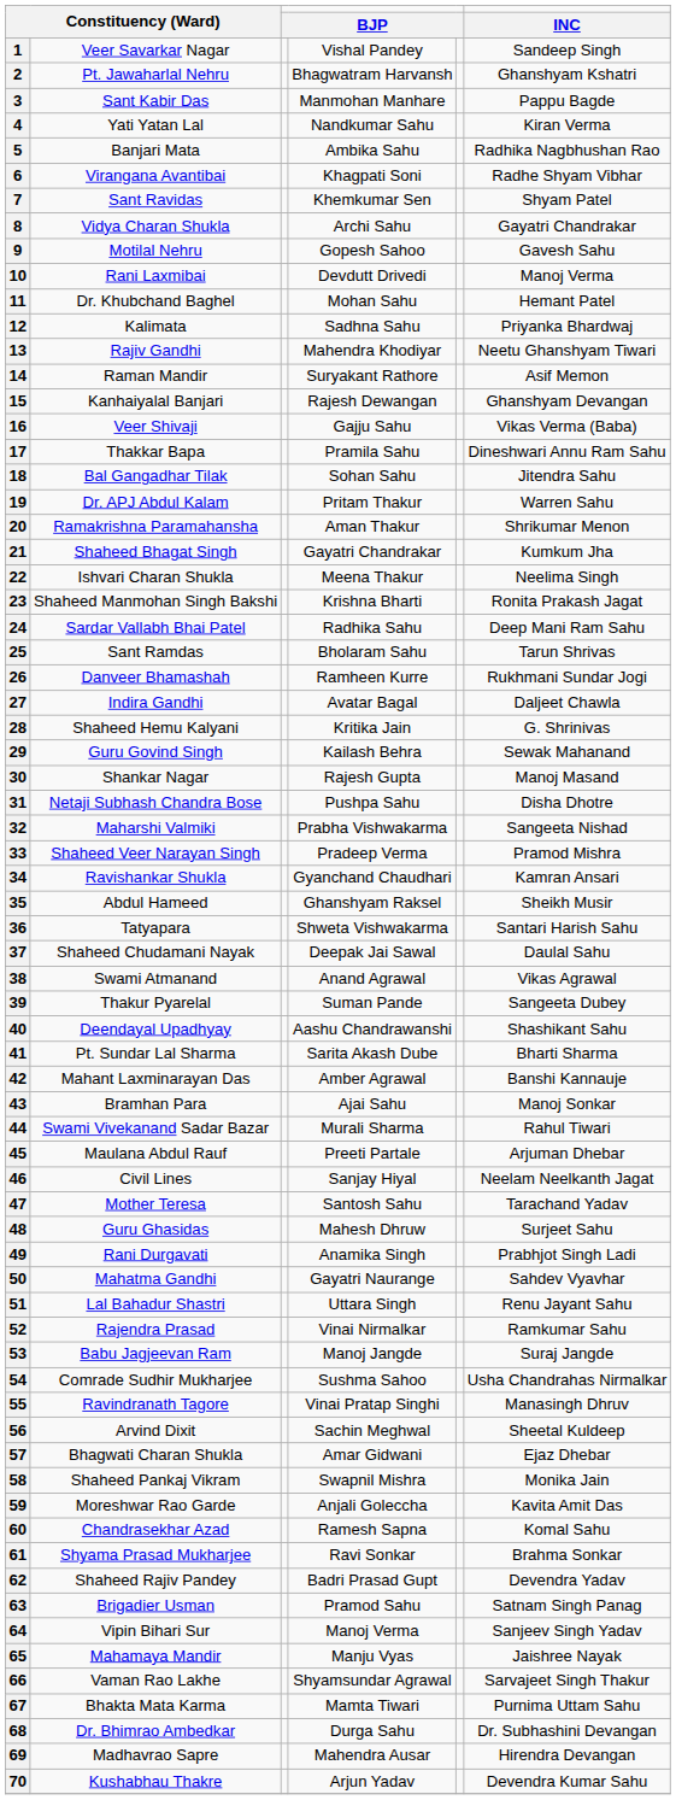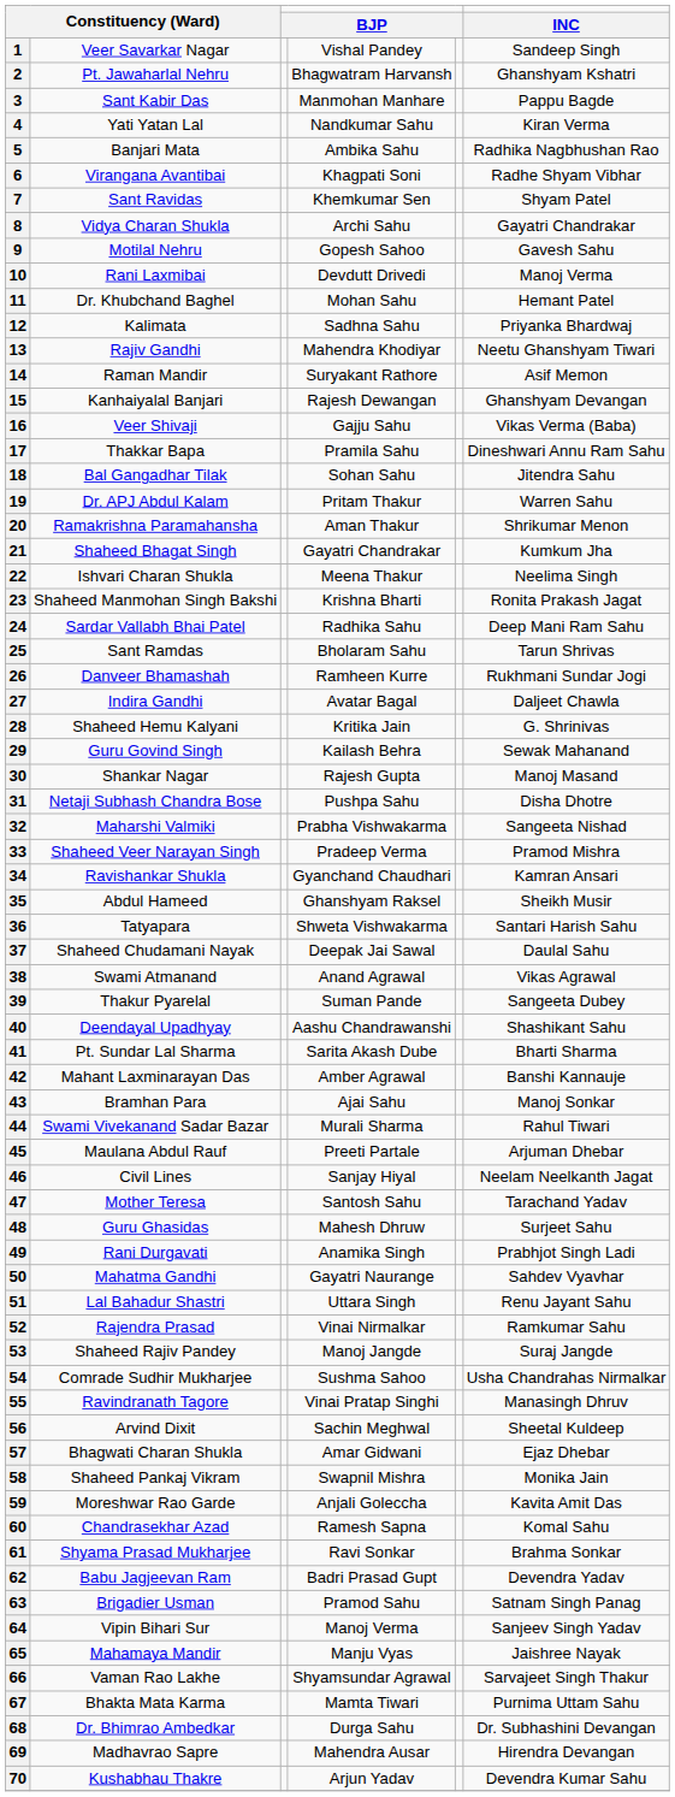 <table class="wikitable sortable" style="text-align:center;">
 <tr>
 <th colspan="2" rowspan="2">Constituency (Ward)</th>
 <td colspan="3"></td>
 <td colspan="3"></td>
 </tr>
 <tr>
 <th colspan="3" class="wikitable"><a href='#'>BJP</a></th>
 <th colspan="3" class="wikitable"><a href='#'>INC</a></th>
 </tr>
 <tr>
 <th>1</th>
 <td><a href='#'>Veer Savarkar</a> Nagar</td>
 <td></td>
 <td>Vishal Pandey</td>
 <td></td>
 <td>Sandeep Singh</td>
 </tr>
 <tr>
 <th>2</th>
 <td><a href='#'>Pt. Jawaharlal Nehru</a></td>
 <td></td>
 <td>Bhagwatram Harvansh</td>
 <td></td>
 <td>Ghanshyam Kshatri</td>
 </tr>
 <tr>
 <th>3</th>
 <td><a href='#'>Sant Kabir Das</a></td>
 <td></td>
 <td>Manmohan Manhare</td>
 <td></td>
 <td>Pappu Bagde</td>
 </tr>
 <tr>
 <th>4</th>
 <td>Yati Yatan Lal</td>
 <td></td>
 <td>Nandkumar Sahu</td>
 <td></td>
 <td>Kiran Verma</td>
 </tr>
 <tr>
 <th>5</th>
 <td>Banjari Mata</td>
 <td></td>
 <td>Ambika Sahu</td>
 <td></td>
 <td>Radhika Nagbhushan Rao</td>
 </tr>
 <tr>
 <th>6</th>
 <td><a href='#'>Virangana Avantibai</a></td>
 <td></td>
 <td>Khagpati Soni</td>
 <td></td>
 <td>Radhe Shyam Vibhar</td>
 </tr>
 <tr>
 <th>7</th>
 <td><a href='#'>Sant Ravidas</a></td>
 <td></td>
 <td>Khemkumar Sen</td>
 <td></td>
 <td>Shyam Patel</td>
 </tr>
 <tr>
 <th>8</th>
 <td><a href='#'>Vidya Charan Shukla</a></td>
 <td></td>
 <td>Archi Sahu</td>
 <td></td>
 <td>Gayatri Chandrakar</td>
 </tr>
 <tr>
 <th>9</th>
 <td><a href='#'>Motilal Nehru</a></td>
 <td></td>
 <td>Gopesh Sahoo</td>
 <td></td>
 <td>Gavesh Sahu</td>
 </tr>
 <tr>
 <th>10</th>
 <td><a href='#'>Rani Laxmibai</a></td>
 <td></td>
 <td>Devdutt Drivedi</td>
 <td></td>
 <td>Manoj Verma</td>
 </tr>
 <tr>
 <th>11</th>
 <td>Dr. Khubchand Baghel</td>
 <td></td>
 <td>Mohan Sahu</td>
 <td></td>
 <td>Hemant Patel</td>
 </tr>
 <tr>
 <th>12</th>
 <td>Kalimata</td>
 <td></td>
 <td>Sadhna Sahu</td>
 <td></td>
 <td>Priyanka Bhardwaj</td>
 </tr>
 <tr>
 <th>13</th>
 <td><a href='#'>Rajiv Gandhi</a></td>
 <td></td>
 <td>Mahendra Khodiyar</td>
 <td></td>
 <td>Neetu Ghanshyam Tiwari</td>
 </tr>
 <tr>
 <th>14</th>
 <td>Raman Mandir</td>
 <td></td>
 <td>Suryakant Rathore</td>
 <td></td>
 <td>Asif Memon</td>
 </tr>
 <tr>
 <th>15</th>
 <td>Kanhaiyalal Banjari</td>
 <td></td>
 <td>Rajesh Dewangan</td>
 <td></td>
 <td>Ghanshyam Devangan</td>
 </tr>
 <tr>
 <th>16</th>
 <td><a href='#'>Veer Shivaji</a></td>
 <td></td>
 <td>Gajju Sahu</td>
 <td></td>
 <td>Vikas Verma (Baba)</td>
 </tr>
 <tr>
 <th>17</th>
 <td>Thakkar Bapa</td>
 <td></td>
 <td>Pramila Sahu</td>
 <td></td>
 <td>Dineshwari Annu Ram Sahu</td>
 </tr>
 <tr>
 <th>18</th>
 <td><a href='#'>Bal Gangadhar Tilak</a></td>
 <td></td>
 <td>Sohan Sahu</td>
 <td></td>
 <td>Jitendra Sahu</td>
 </tr>
 <tr>
 <th>19</th>
 <td><a href='#'>Dr. APJ Abdul Kalam</a></td>
 <td></td>
 <td>Pritam Thakur</td>
 <td></td>
 <td>Warren Sahu</td>
 </tr>
 <tr>
 <th>20</th>
 <td><a href='#'>Ramakrishna Paramahansha</a></td>
 <td></td>
 <td>Aman Thakur</td>
 <td></td>
 <td>Shrikumar Menon</td>
 </tr>
 <tr>
 <th>21</th>
 <td><a href='#'>Shaheed Bhagat Singh</a></td>
 <td></td>
 <td>Gayatri Chandrakar</td>
 <td></td>
 <td>Kumkum Jha</td>
 </tr>
 <tr>
 <th>22</th>
 <td>Ishvari Charan Shukla</td>
 <td></td>
 <td>Meena Thakur</td>
 <td></td>
 <td>Neelima Singh</td>
 </tr>
 <tr>
 <th>23</th>
 <td>Shaheed Manmohan Singh Bakshi</td>
 <td></td>
 <td>Krishna Bharti</td>
 <td></td>
 <td>Ronita Prakash Jagat</td>
 </tr>
 <tr>
 <th>24</th>
 <td><a href='#'>Sardar Vallabh Bhai Patel</a></td>
 <td></td>
 <td>Radhika Sahu</td>
 <td></td>
 <td>Deep Mani Ram Sahu</td>
 </tr>
 <tr>
 <th>25</th>
 <td>Sant Ramdas</td>
 <td></td>
 <td>Bholaram Sahu</td>
 <td></td>
 <td>Tarun Shrivas</td>
 </tr>
 <tr>
 <th>26</th>
 <td><a href='#'>Danveer Bhamashah</a></td>
 <td></td>
 <td>Ramheen Kurre</td>
 <td></td>
 <td>Rukhmani Sundar Jogi</td>
 </tr>
 <tr>
 <th>27</th>
 <td><a href='#'>Indira Gandhi</a></td>
 <td></td>
 <td>Avatar Bagal</td>
 <td></td>
 <td>Daljeet Chawla</td>
 </tr>
 <tr>
 <th>28</th>
 <td>Shaheed Hemu Kalyani</td>
 <td></td>
 <td>Kritika Jain</td>
 <td></td>
 <td>G. Shrinivas</td>
 </tr>
 <tr>
 <th>29</th>
 <td><a href='#'>Guru Govind Singh</a></td>
 <td></td>
 <td>Kailash Behra</td>
 <td></td>
 <td>Sewak Mahanand</td>
 </tr>
 <tr>
 <th>30</th>
 <td>Shankar Nagar</td>
 <td></td>
 <td>Rajesh Gupta</td>
 <td></td>
 <td>Manoj Masand</td>
 </tr>
 <tr>
 <th>31</th>
 <td><a href='#'>Netaji Subhash Chandra Bose</a></td>
 <td></td>
 <td>Pushpa Sahu</td>
 <td></td>
 <td>Disha Dhotre</td>
 </tr>
 <tr>
 <th>32</th>
 <td><a href='#'>Maharshi Valmiki</a></td>
 <td></td>
 <td>Prabha Vishwakarma</td>
 <td></td>
 <td>Sangeeta Nishad</td>
 </tr>
 <tr>
 <th>33</th>
 <td><a href='#'>Shaheed Veer Narayan Singh</a></td>
 <td></td>
 <td>Pradeep Verma</td>
 <td></td>
 <td>Pramod Mishra</td>
 </tr>
 <tr>
 <th>34</th>
 <td><a href='#'>Ravishankar Shukla</a></td>
 <td></td>
 <td>Gyanchand Chaudhari</td>
 <td></td>
 <td>Kamran Ansari</td>
 </tr>
 <tr>
 <th>35</th>
 <td>Abdul Hameed</td>
 <td></td>
 <td>Ghanshyam Raksel</td>
 <td></td>
 <td>Sheikh Musir</td>
 </tr>
 <tr>
 <th>36</th>
 <td>Tatyapara</td>
 <td></td>
 <td>Shweta Vishwakarma</td>
 <td></td>
 <td>Santari Harish Sahu</td>
 </tr>
 <tr>
 <th>37</th>
 <td>Shaheed Chudamani Nayak</td>
 <td></td>
 <td>Deepak Jai Sawal</td>
 <td></td>
 <td>Daulal Sahu</td>
 </tr>
 <tr>
 <th>38</th>
 <td>Swami Atmanand</td>
 <td></td>
 <td>Anand Agrawal</td>
 <td></td>
 <td>Vikas Agrawal</td>
 </tr>
 <tr>
 <th>39</th>
 <td>Thakur Pyarelal</td>
 <td></td>
 <td>Suman Pande</td>
 <td></td>
 <td>Sangeeta Dubey</td>
 </tr>
 <tr>
 <th>40</th>
 <td><a href='#'>Deendayal Upadhyay</a></td>
 <td></td>
 <td>Aashu Chandrawanshi</td>
 <td></td>
 <td>Shashikant Sahu</td>
 </tr>
 <tr>
 <th>41</th>
 <td>Pt. Sundar Lal Sharma</td>
 <td></td>
 <td>Sarita Akash Dube</td>
 <td></td>
 <td>Bharti Sharma</td>
 </tr>
 <tr>
 <th>42</th>
 <td>Mahant Laxminarayan Das</td>
 <td></td>
 <td>Amber Agrawal</td>
 <td></td>
 <td>Banshi Kannauje</td>
 </tr>
 <tr>
 <th>43</th>
 <td>Bramhan Para</td>
 <td></td>
 <td>Ajai Sahu</td>
 <td></td>
 <td>Manoj Sonkar</td>
 </tr>
 <tr>
 <th>44</th>
 <td><a href='#'>Swami Vivekanand</a> Sadar Bazar</td>
 <td></td>
 <td>Murali Sharma</td>
 <td></td>
 <td>Rahul Tiwari</td>
 </tr>
 <tr>
 <th>45</th>
 <td>Maulana Abdul Rauf</td>
 <td></td>
 <td>Preeti Partale</td>
 <td></td>
 <td>Arjuman Dhebar</td>
 </tr>
 <tr>
 <th>46</th>
 <td>Civil Lines</td>
 <td></td>
 <td>Sanjay Hiyal</td>
 <td></td>
 <td>Neelam Neelkanth Jagat</td>
 </tr>
 <tr>
 <th>47</th>
 <td><a href='#'>Mother Teresa</a></td>
 <td></td>
 <td>Santosh Sahu</td>
 <td></td>
 <td>Tarachand Yadav</td>
 </tr>
 <tr>
 <th>48</th>
 <td><a href='#'>Guru Ghasidas</a></td>
 <td></td>
 <td>Mahesh Dhruw</td>
 <td></td>
 <td>Surjeet Sahu</td>
 </tr>
 <tr>
 <th>49</th>
 <td><a href='#'>Rani Durgavati</a></td>
 <td></td>
 <td>Anamika Singh</td>
 <td></td>
 <td>Prabhjot Singh Ladi</td>
 </tr>
 <tr>
 <th>50</th>
 <td><a href='#'>Mahatma Gandhi</a></td>
 <td></td>
 <td>Gayatri Naurange</td>
 <td></td>
 <td>Sahdev Vyavhar</td>
 </tr>
 <tr>
 <th>51</th>
 <td><a href='#'>Lal Bahadur Shastri</a></td>
 <td></td>
 <td>Uttara Singh</td>
 <td></td>
 <td>Renu Jayant Sahu</td>
 </tr>
 <tr>
 <th>52</th>
 <td><a href='#'>Rajendra Prasad</a></td>
 <td></td>
 <td>Vinai Nirmalkar</td>
 <td></td>
 <td>Ramkumar Sahu</td>
 </tr>
 <tr>
 <th>53</th>
-<td><a href='#'>Babu Jagjeevan Ram</a></td>
+<td>Shaheed Rajiv Pandey</td>
 <td></td>
 <td>Manoj Jangde</td>
 <td></td>
 <td>Suraj Jangde</td>
 </tr>
 <tr>
 <th>54</th>
 <td>Comrade Sudhir Mukharjee</td>
 <td></td>
 <td>Sushma Sahoo</td>
 <td></td>
 <td>Usha Chandrahas Nirmalkar</td>
 </tr>
 <tr>
 <th>55</th>
 <td><a href='#'>Ravindranath Tagore</a></td>
 <td></td>
 <td>Vinai Pratap Singhi</td>
 <td></td>
 <td>Manasingh Dhruv</td>
 </tr>
 <tr>
 <th>56</th>
 <td>Arvind Dixit</td>
 <td></td>
 <td>Sachin Meghwal</td>
 <td></td>
 <td>Sheetal Kuldeep</td>
 </tr>
 <tr>
 <th>57</th>
 <td>Bhagwati Charan Shukla</td>
 <td></td>
 <td>Amar Gidwani</td>
 <td></td>
 <td>Ejaz Dhebar</td>
 </tr>
 <tr>
 <th>58</th>
 <td>Shaheed Pankaj Vikram</td>
 <td></td>
 <td>Swapnil Mishra</td>
 <td></td>
 <td>Monika Jain</td>
 </tr>
 <tr>
 <th>59</th>
 <td>Moreshwar Rao Garde</td>
 <td></td>
 <td>Anjali Goleccha</td>
 <td></td>
 <td>Kavita Amit Das</td>
 </tr>
 <tr>
 <th>60</th>
 <td><a href='#'>Chandrasekhar Azad</a></td>
 <td></td>
 <td>Ramesh Sapna</td>
 <td></td>
 <td>Komal Sahu</td>
 </tr>
 <tr>
 <th>61</th>
 <td><a href='#'>Shyama Prasad Mukharjee</a></td>
 <td></td>
 <td>Ravi Sonkar</td>
 <td></td>
 <td>Brahma Sonkar</td>
 </tr>
 <tr>
 <th>62</th>
-<td>Shaheed Rajiv Pandey</td>
+<td><a href='#'>Babu Jagjeevan Ram</a></td>
 <td></td>
 <td>Badri Prasad Gupt</td>
 <td></td>
 <td>Devendra Yadav</td>
 </tr>
 <tr>
 <th>63</th>
 <td><a href='#'>Brigadier Usman</a></td>
 <td></td>
 <td>Pramod Sahu</td>
 <td></td>
 <td>Satnam Singh Panag</td>
 </tr>
 <tr>
 <th>64</th>
 <td>Vipin Bihari Sur</td>
 <td></td>
 <td>Manoj Verma</td>
 <td></td>
 <td>Sanjeev Singh Yadav</td>
 </tr>
 <tr>
 <th>65</th>
 <td><a href='#'>Mahamaya Mandir</a></td>
 <td></td>
 <td>Manju Vyas</td>
 <td></td>
 <td>Jaishree Nayak</td>
 </tr>
 <tr>
 <th>66</th>
 <td>Vaman Rao Lakhe</td>
 <td></td>
 <td>Shyamsundar Agrawal</td>
 <td></td>
 <td>Sarvajeet Singh Thakur</td>
 </tr>
 <tr>
 <th>67</th>
 <td>Bhakta Mata Karma</td>
 <td></td>
 <td>Mamta Tiwari</td>
 <td></td>
 <td>Purnima Uttam Sahu</td>
 </tr>
 <tr>
 <th>68</th>
 <td><a href='#'>Dr. Bhimrao Ambedkar</a></td>
 <td></td>
 <td>Durga Sahu</td>
 <td></td>
 <td>Dr. Subhashini Devangan</td>
 </tr>
 <tr>
 <th>69</th>
 <td>Madhavrao Sapre</td>
 <td></td>
 <td>Mahendra Ausar</td>
 <td></td>
 <td>Hirendra Devangan</td>
 </tr>
 <tr>
 <th>70</th>
 <td><a href='#'>Kushabhau Thakre</a></td>
 <td></td>
 <td>Arjun Yadav</td>
 <td></td>
 <td>Devendra Kumar Sahu</td>
 </tr>
 <tr>
 </tr>
 </table>
